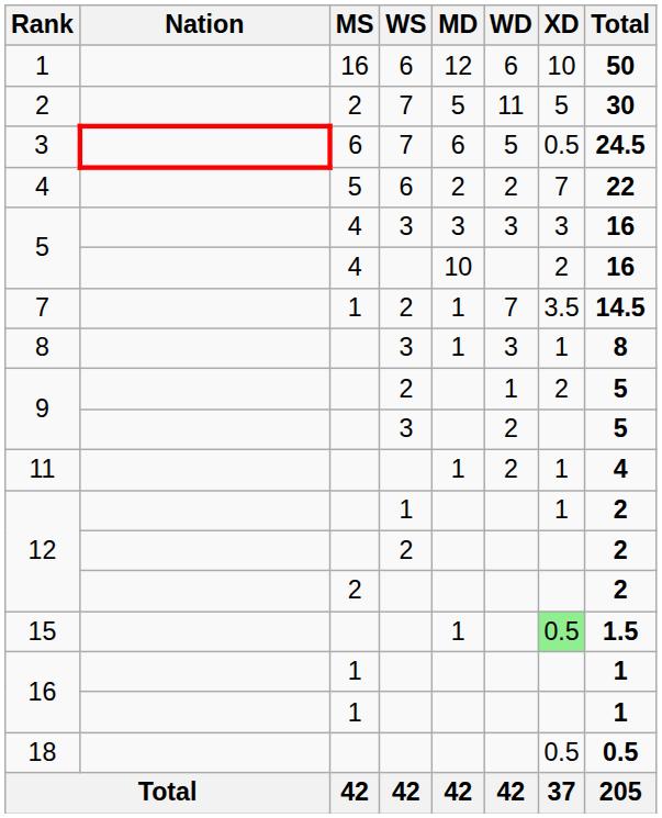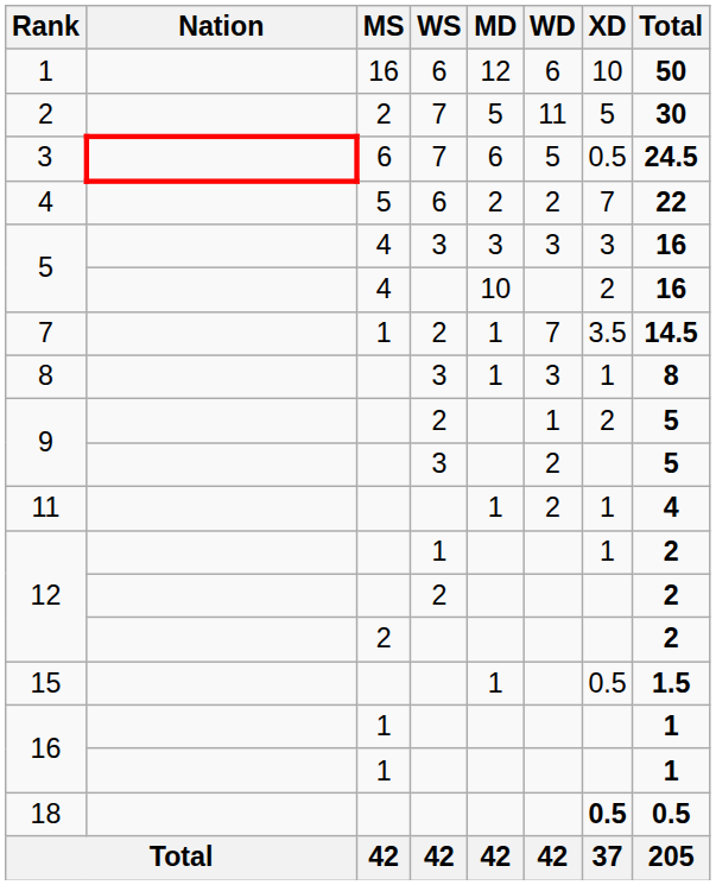 <table class="wikitable" style="text-align:center">
 <tr>
 <th width="20">Rank</th>
 <th width="150">Nation</th>
 <th width="20">MS</th>
 <th width="20">WS</th>
 <th width="20">MD</th>
 <th width="20">WD</th>
 <th width="20">XD</th>
 <th width="20">Total</th>
 </tr>
 <tr>
 <td>1</td>
 <td align="left"></td>
 <td>16</td>
 <td>6</td>
 <td>12</td>
 <td>6</td>
 <td>10</td>
 <td><strong>50</strong></td>
 </tr>
 <tr>
 <td>2</td>
 <td align="left"></td>
 <td>2</td>
 <td>7</td>
 <td>5</td>
 <td>11</td>
 <td>5</td>
 <td><strong>30</strong></td>
 </tr>
 <tr>
 <td>3</td>
 <td align="left" style="border: 3px solid red"><strong></strong></td>
 <td>6</td>
 <td>7</td>
 <td>6</td>
 <td>5</td>
 <td>0.5</td>
 <td><strong>24.5</strong></td>
 </tr>
 <tr>
 <td>4</td>
 <td align="left"></td>
 <td>5</td>
 <td>6</td>
 <td>2</td>
 <td>2</td>
 <td>7</td>
 <td><strong>22</strong></td>
 </tr>
 <tr>
 <td rowspan="2">5</td>
 <td align="left"></td>
 <td>4</td>
 <td>3</td>
 <td>3</td>
 <td>3</td>
 <td>3</td>
 <td><strong>16</strong></td>
 </tr>
 <tr>
 <td align="left"></td>
 <td>4</td>
 <td></td>
 <td>10</td>
 <td></td>
 <td>2</td>
 <td><strong>16</strong></td>
 </tr>
 <tr>
 <td>7</td>
 <td align="left"></td>
 <td>1</td>
 <td>2</td>
 <td>1</td>
 <td>7</td>
 <td>3.5</td>
 <td><strong>14.5</strong></td>
 </tr>
 <tr>
 <td>8</td>
 <td align="left"></td>
 <td></td>
 <td>3</td>
 <td>1</td>
 <td>3</td>
 <td>1</td>
 <td><strong>8</strong></td>
 </tr>
 <tr>
 <td rowspan="2">9</td>
 <td align="left"></td>
 <td></td>
 <td>2</td>
 <td></td>
 <td>1</td>
 <td>2</td>
 <td><strong>5</strong></td>
 </tr>
 <tr>
 <td align="left"></td>
 <td></td>
 <td>3</td>
 <td></td>
 <td>2</td>
 <td></td>
 <td><strong>5</strong></td>
 </tr>
 <tr>
 <td>11</td>
 <td align="left"></td>
 <td></td>
 <td></td>
 <td>1</td>
 <td>2</td>
 <td>1</td>
 <td><strong>4</strong></td>
 </tr>
 <tr>
 <td rowspan="3">12</td>
 <td align="left"></td>
 <td></td>
 <td>1</td>
 <td></td>
 <td></td>
 <td>1</td>
 <td><strong>2</strong></td>
 </tr>
 <tr>
 <td align="left"></td>
 <td></td>
 <td>2</td>
 <td></td>
 <td></td>
 <td></td>
 <td><strong>2</strong></td>
 </tr>
 <tr>
 <td align="left"></td>
 <td>2</td>
 <td></td>
 <td></td>
 <td></td>
 <td></td>
 <td><strong>2</strong></td>
 </tr>
 <tr>
 <td>15</td>
 <td align="left"></td>
 <td></td>
 <td></td>
 <td>1</td>
 <td></td>
-<td style="background: lightgreen;">0.5</td>
+<td>0.5</td>
 <td><strong>1.5</strong></td>
 </tr>
 <tr>
 <td rowspan="2">16</td>
 <td align="left"></td>
 <td>1</td>
 <td></td>
 <td></td>
 <td></td>
 <td></td>
 <td><strong>1</strong></td>
 </tr>
 <tr>
 <td align="left"></td>
 <td>1</td>
 <td></td>
 <td></td>
 <td></td>
 <td></td>
 <td><strong>1</strong></td>
 </tr>
 <tr>
 <td>18</td>
 <td align="left"></td>
 <td></td>
 <td></td>
 <td></td>
 <td></td>
-<td>0.5</td>
+<td><strong>0.5</strong></td>
 <td><strong>0.5</strong></td>
 </tr>
 <tr>
 <th colspan="2">Total</th>
 <th>42</th>
 <th>42</th>
 <th>42</th>
 <th>42</th>
 <th>37</th>
 <th>205</th>
 </tr>
 </table>
